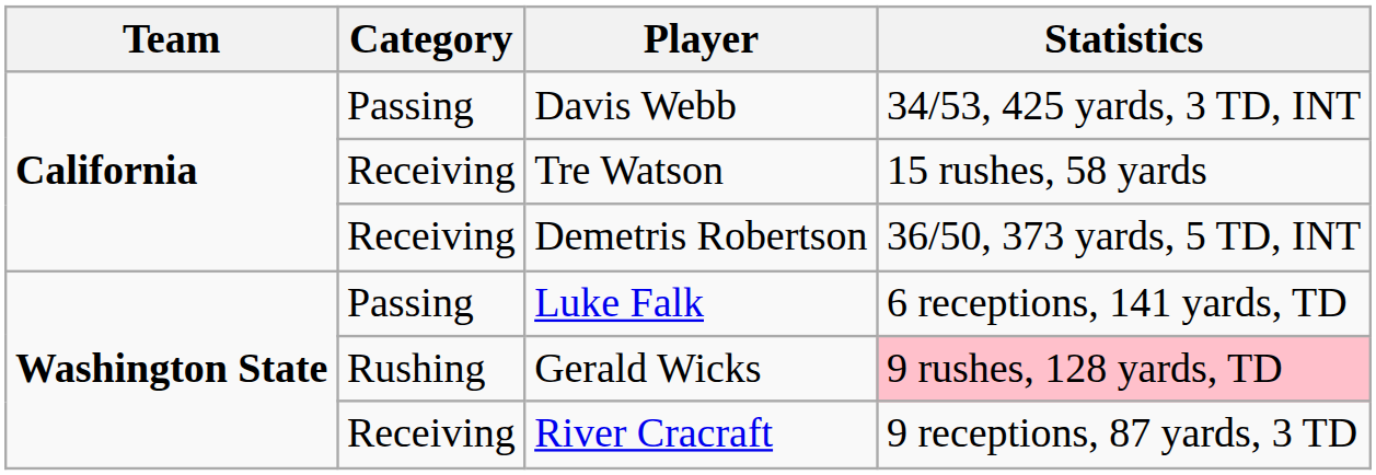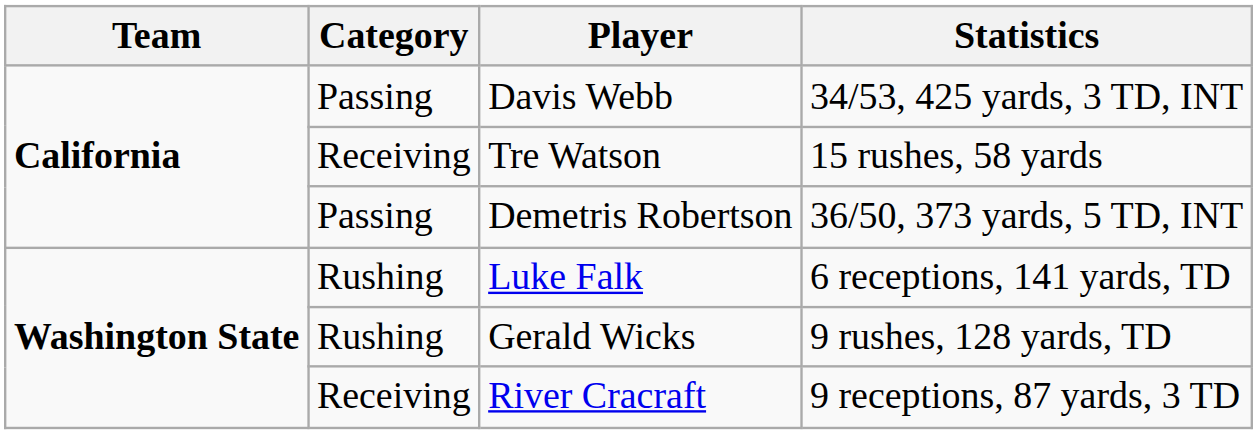 <table class="wikitable" style="float: left;">
 <tr>
 <th>Team</th>
 <th>Category</th>
 <th>Player</th>
 <th>Statistics</th>
 </tr>
 <tr>
 <td rowspan=3><strong>California</strong></td>
 <td>Passing</td>
 <td>Davis Webb</td>
 <td>34/53, 425 yards, 3 TD, INT</td>
 </tr>
 <tr>
 <td>Receiving</td>
 <td>Tre Watson</td>
 <td>15 rushes, 58 yards</td>
 </tr>
 <tr>
-<td>Receiving</td>
+<td>Passing</td>
 <td>Demetris Robertson</td>
 <td>36/50, 373 yards, 5 TD, INT</td>
 </tr>
 <tr>
 <td rowspan=3><strong>Washington State</strong></td>
-<td>Passing</td>
+<td>Rushing</td>
 <td><a href='#'>Luke Falk</a></td>
 <td>6 receptions, 141 yards, TD</td>
 </tr>
 <tr>
 <td>Rushing</td>
 <td>Gerald Wicks</td>
-<td style="background: pink;">9 rushes, 128 yards, TD</td>
+<td>9 rushes, 128 yards, TD</td>
 </tr>
 <tr>
 <td>Receiving</td>
 <td><a href='#'>River Cracraft</a></td>
 <td>9 receptions, 87 yards, 3 TD</td>
 </tr>
 </table>
